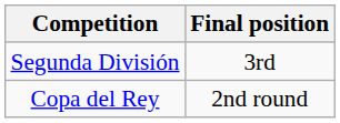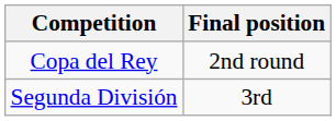 <table class="wikitable" style="font-size:100%; text-align:center">
 <tr>
 <th>Competition</th>
 <th>Final position</th>
 </tr>
 <tr style="background:">
+<td><a href='#'>Copa del Rey</a></td>
+<td>2nd round</td>
+</tr>
+<tr style="background:">
 <td><a href='#'>Segunda División</a></td>
 <td>3rd</td>
 </tr>
-<tr style="background:">
-<td><a href='#'>Copa del Rey</a></td>
-<td>2nd round</td>
-</tr>
 </table>
